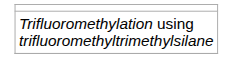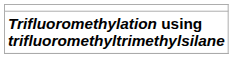 <table class="wikitable" style="background-color:white;margin:1em auto;">
 <tr>
 <td></td>
 </tr>
 <tr>
-<td><em>Trifluoromethylation</em> using<br><em>trifluoromethyltrimethylsilane</em></td>
+<td><strong><em>Trifluoromethylation</em> using<br><em>trifluoromethyltrimethylsilane</em></strong></td>
 </tr>
 <tr>
 </tr>
 </table>
